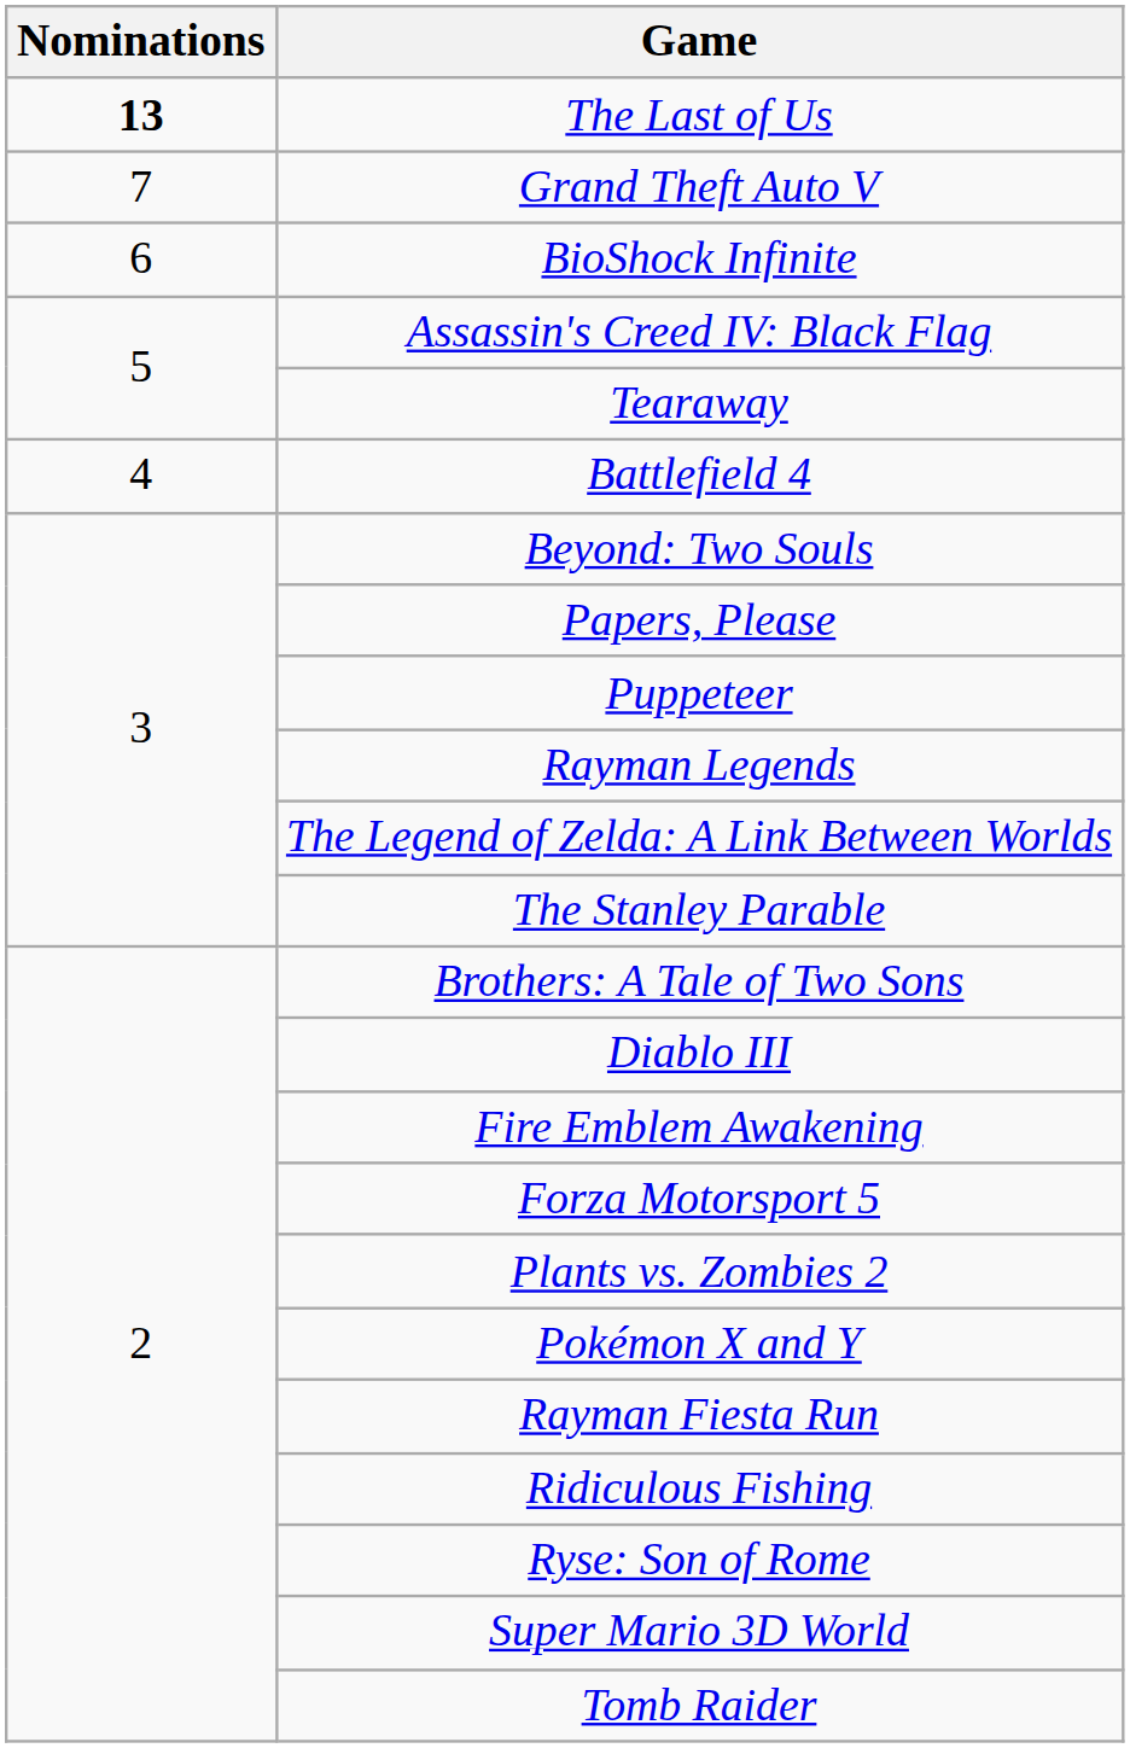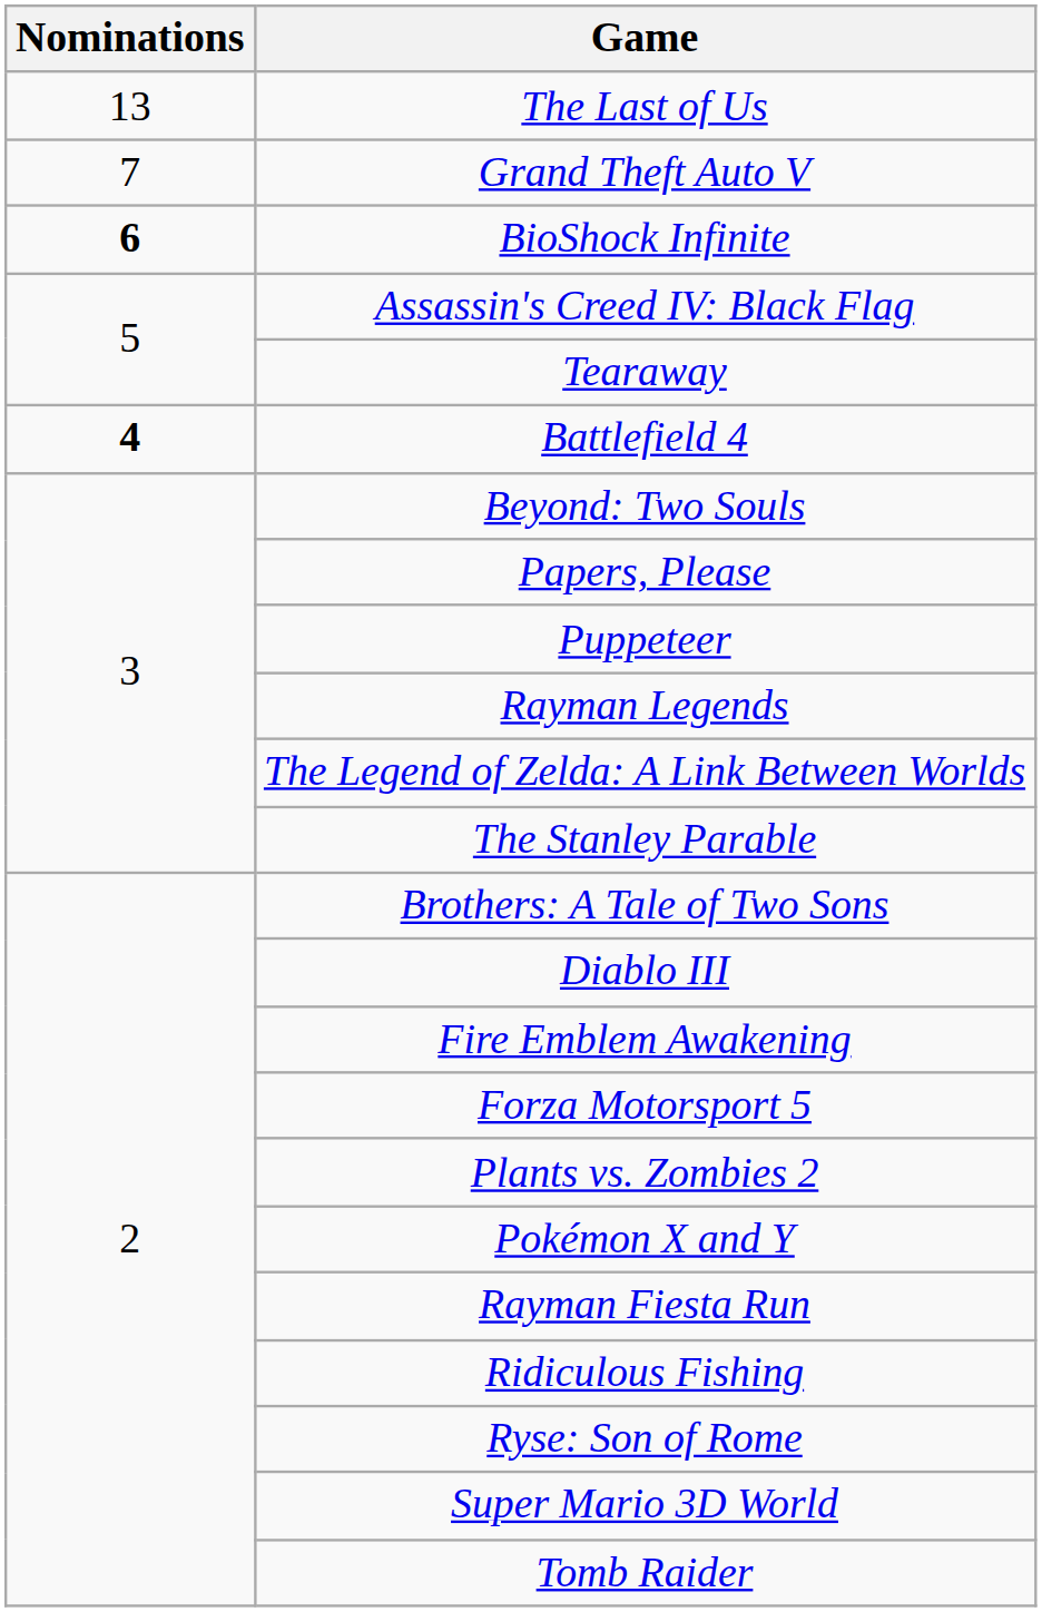 <table class="wikitable floatleft" rowspan="2" style="text-align:center;" background: #f6e39c;>
 <tr>
 <th scope="col">Nominations</th>
 <th scope="col">Game</th>
 </tr>
 <tr>
-<td><strong>13</strong></td>
+<td>13</td>
 <td><em><a href='#'>The Last of Us</a></em></td>
 </tr>
 <tr>
 <td>7</td>
 <td><em><a href='#'>Grand Theft Auto V</a></em></td>
 </tr>
 <tr>
-<td>6</td>
+<td><strong>6</strong></td>
 <td><em><a href='#'>BioShock Infinite</a></em></td>
 </tr>
 <tr>
 <td rowspan=2>5</td>
 <td><em><a href='#'>Assassin's Creed IV: Black Flag</a></em></td>
 </tr>
 <tr>
 <td><em><a href='#'>Tearaway</a></em></td>
 </tr>
 <tr>
-<td>4</td>
+<td><strong>4</strong></td>
 <td><em><a href='#'>Battlefield 4</a></em></td>
 </tr>
 <tr>
 <td rowspan=6>3</td>
 <td><em><a href='#'>Beyond: Two Souls</a></em></td>
 </tr>
 <tr>
 <td><em><a href='#'>Papers, Please</a></em></td>
 </tr>
 <tr>
 <td><em><a href='#'>Puppeteer</a></em></td>
 </tr>
 <tr>
 <td><em><a href='#'>Rayman Legends</a></em></td>
 </tr>
 <tr>
 <td><em><a href='#'>The Legend of Zelda: A Link Between Worlds</a></em></td>
 </tr>
 <tr>
 <td><em><a href='#'>The Stanley Parable</a></em></td>
 </tr>
 <tr>
 <td rowspan=11>2</td>
 <td><em><a href='#'>Brothers: A Tale of Two Sons</a></em></td>
 </tr>
 <tr>
 <td><em><a href='#'>Diablo III</a></em></td>
 </tr>
 <tr>
 <td><em><a href='#'>Fire Emblem Awakening</a></em></td>
 </tr>
 <tr>
 <td><em><a href='#'>Forza Motorsport 5</a></em></td>
 </tr>
 <tr>
 <td><em><a href='#'>Plants vs. Zombies 2</a></em></td>
 </tr>
 <tr>
 <td><em><a href='#'>Pokémon X and Y</a></em></td>
 </tr>
 <tr>
 <td><em><a href='#'>Rayman Fiesta Run</a></em></td>
 </tr>
 <tr>
 <td><em><a href='#'>Ridiculous Fishing</a></em></td>
 </tr>
 <tr>
 <td><em><a href='#'>Ryse: Son of Rome</a></em></td>
 </tr>
 <tr>
 <td><em><a href='#'>Super Mario 3D World</a></em></td>
 </tr>
 <tr>
 <td><em><a href='#'>Tomb Raider</a></em></td>
 </tr>
 </table>
